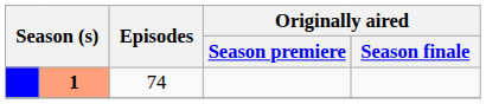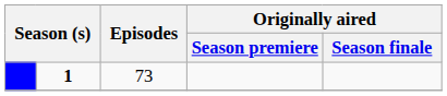 <table class="wikitable" style="text-align: center;">
 <tr>
 <th style="padding: 0 8px;" colspan="2" rowspan="2">Season (s)</th>
 <th style="padding: 0 8px;" rowspan="2">Episodes</th>
 <th colspan="2">Originally aired</th>
 </tr>
 <tr>
 <th><a href='#'>Season premiere</a></th>
 <th style="padding: 0 8px;"><a href='#'>Season finale</a></th>
 </tr>
 <tr>
 <td style="background:Blue;"></td>
-<td style="background: lightsalmon;"><strong>1</strong></td>
-<td>74</td>
+<td><strong>1</strong></td>
+<td>73</td>
 <td style="padding: 0 8px;"></td>
 <td style="padding: 0 8px;"></td>
 </tr>
 <tr>
 </tr>
 </table>
